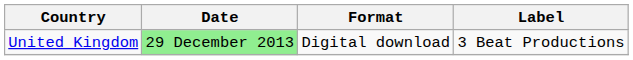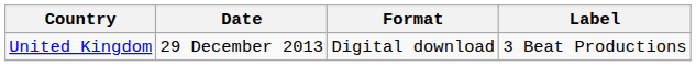 <table class="wikitable plainrowheaders">
 <tr>
 <th scope="col">Country</th>
 <th scope="col">Date</th>
 <th scope="col">Format</th>
 <th scope="col">Label</th>
 </tr>
 <tr>
 <td><a href='#'>United Kingdom</a></td>
-<td style="background: lightgreen;">29 December 2013</td>
+<td>29 December 2013</td>
 <td>Digital download</td>
 <td>3 Beat Productions</td>
 </tr>
 <tr>
 </tr>
 </table>
